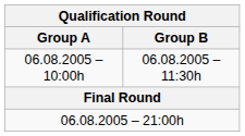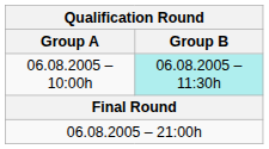 <table class="wikitable" style=" text-align:center; font-size:110%;" width="35%">
 <tr>
 <th colspan="2">Qualification Round</th>
 </tr>
 <tr>
 <th>Group A</th>
 <th>Group B</th>
 </tr>
 <tr>
 <td>06.08.2005 – 10:00h</td>
-<td>06.08.2005 – 11:30h</td>
+<td style="background: paleturquoise;">06.08.2005 – 11:30h</td>
 </tr>
 <tr>
 <th colspan="2">Final Round</th>
 </tr>
 <tr>
 <td colspan="2">06.08.2005 – 21:00h</td>
 </tr>
 </table>
